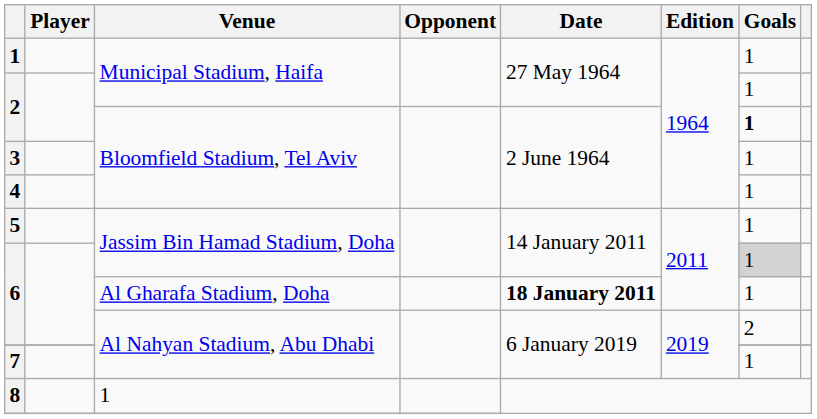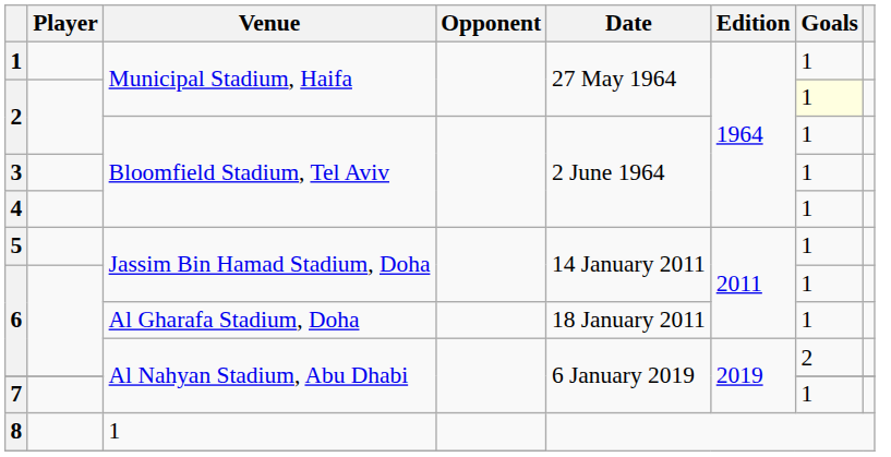 <table class="wikitable sortable" style="text-align:centre;">
 <tr>
 <th scope=col data-sort-type="number"></th>
 <th scope=col>Player</th>
 <th scope=col>Venue</th>
 <th scope=col>Opponent</th>
 <th scope=col>Date</th>
 <th scope=col>Edition</th>
 <th scope=col data-sort-type="number">Goals</th>
 <th scope="col" class=unsortable></th>
 </tr>
 <tr>
 <th scope=row>1</th>
 <td></td>
 <td rowspan="2"><a href='#'>Municipal Stadium</a>, <a href='#'>Haifa</a></td>
 <td rowspan="2"></td>
 <td rowspan="2">27 May 1964</td>
 <td rowspan="5"><a href='#'>1964</a></td>
 <td>1</td>
 <td></td>
 </tr>
 <tr>
 <th scope=row rowspan="2">2</th>
 <td rowspan="2"></td>
-<td>1</td>
+<td style="background: lightyellow;">1</td>
 <td></td>
 </tr>
 <tr>
 <td rowspan="3"><a href='#'>Bloomfield Stadium</a>, <a href='#'>Tel Aviv</a></td>
 <td rowspan="3"></td>
 <td rowspan="3">2 June 1964</td>
-<td><strong>1</strong></td>
+<td>1</td>
 <td></td>
 </tr>
 <tr>
 <th scope=row>3</th>
 <td></td>
 <td>1</td>
 <td></td>
 </tr>
 <tr>
 <th scope=row>4</th>
 <td></td>
 <td>1</td>
 <td></td>
 </tr>
 <tr>
 <th scope=row>5</th>
 <td></td>
 <td rowspan="2"><a href='#'>Jassim Bin Hamad Stadium</a>, <a href='#'>Doha</a></td>
 <td rowspan="2"></td>
 <td rowspan="2">14 January 2011</td>
 <td rowspan="3"><a href='#'>2011</a></td>
 <td>1</td>
 <td></td>
 </tr>
 <tr>
 <th scope=row rowspan="3">6</th>
 <td rowspan="3"></td>
-<td style="background: lightgrey;">1</td>
+<td>1</td>
 <td></td>
 </tr>
 <tr>
 <td><a href='#'>Al Gharafa Stadium</a>, <a href='#'>Doha</a></td>
 <td></td>
-<td><strong>18 January 2011</strong></td>
+<td>18 January 2011</td>
 <td>1</td>
 <td></td>
 </tr>
 <tr>
 <td rowspan="3"><a href='#'>Al Nahyan Stadium</a>, <a href='#'>Abu Dhabi</a></td>
 <td rowspan="3"></td>
 <td rowspan="3">6 January 2019</td>
 <td rowspan="3"><a href='#'>2019</a></td>
 <td>2</td>
 <td></td>
 </tr>
 <tr>
 </tr>
 <tr>
 <th scope=row>7</th>
 <td></td>
 <td>1</td>
 <td></td>
 </tr>
 <tr>
 <th scope=row>8</th>
 <td></td>
 <td>1</td>
 <td></td>
 </tr>
 <tr>
 </tr>
 </table>
